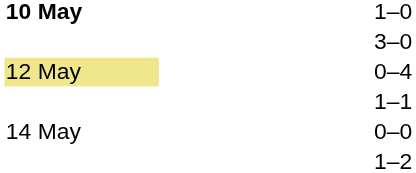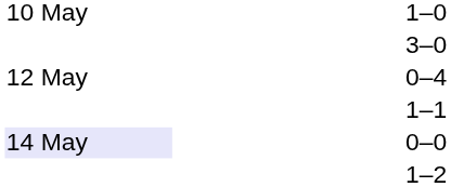 <table cellspacing=1 width=70%>
 <tr>
 <th width=25%></th>
 <th width=30%></th>
 <th width=15%></th>
 <th width=30%></th>
 </tr>
 <tr>
-<td><strong>10 May</strong></td>
+<td>10 May</td>
 <td align=right></td>
 <td align=center>1–0</td>
 <td></td>
 </tr>
 <tr>
 <td></td>
 <td align=right></td>
 <td align=center>3–0</td>
 <td></td>
 </tr>
 <tr>
-<td style="background: khaki;">12 May</td>
+<td>12 May</td>
 <td align=right></td>
 <td align=center>0–4</td>
 <td></td>
 </tr>
 <tr>
 <td></td>
 <td align=right></td>
 <td align=center>1–1</td>
 <td></td>
 </tr>
 <tr>
-<td>14 May</td>
+<td style="background: lavender;">14 May</td>
 <td align=right></td>
 <td align=center>0–0</td>
 <td></td>
 </tr>
 <tr>
 <td></td>
 <td align=right></td>
 <td align=center>1–2</td>
 <td></td>
 </tr>
 </table>
